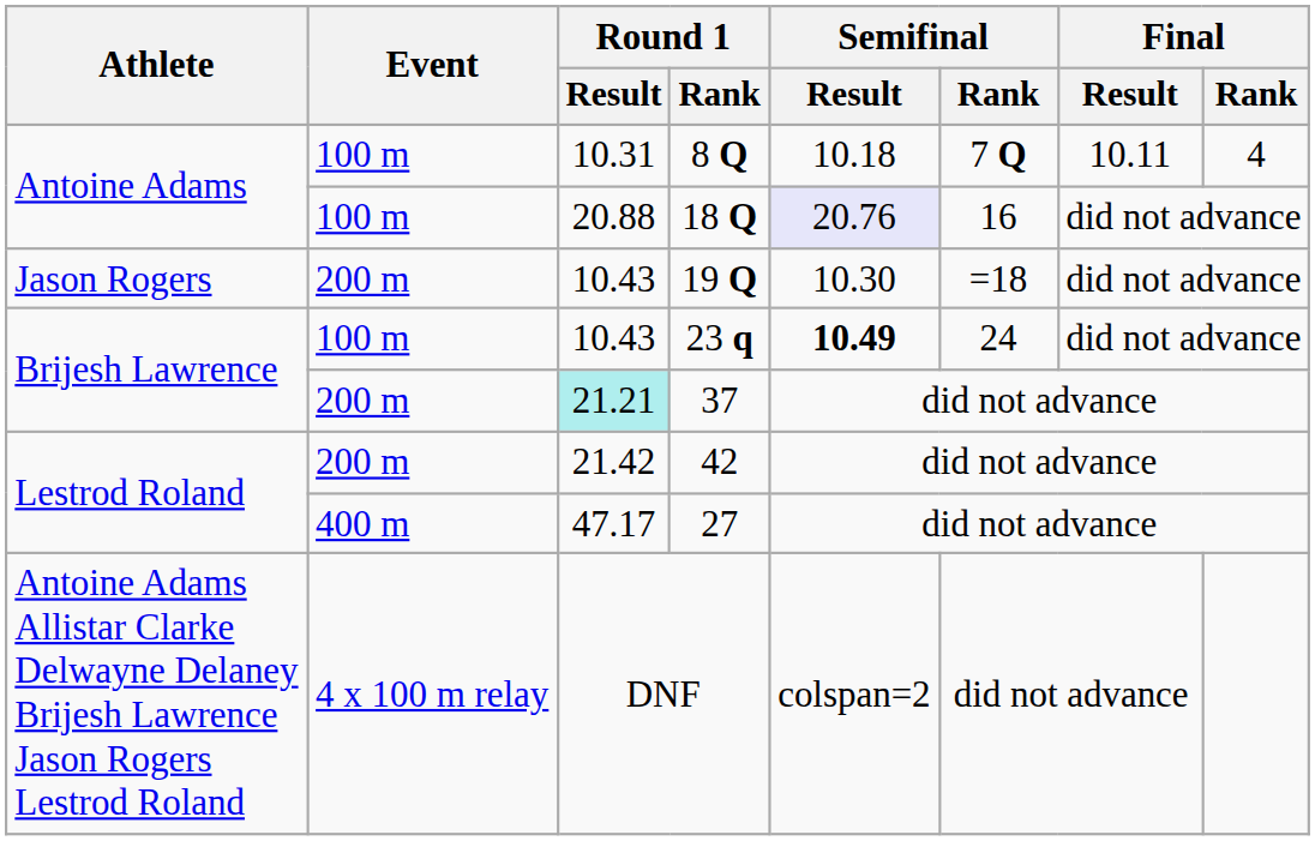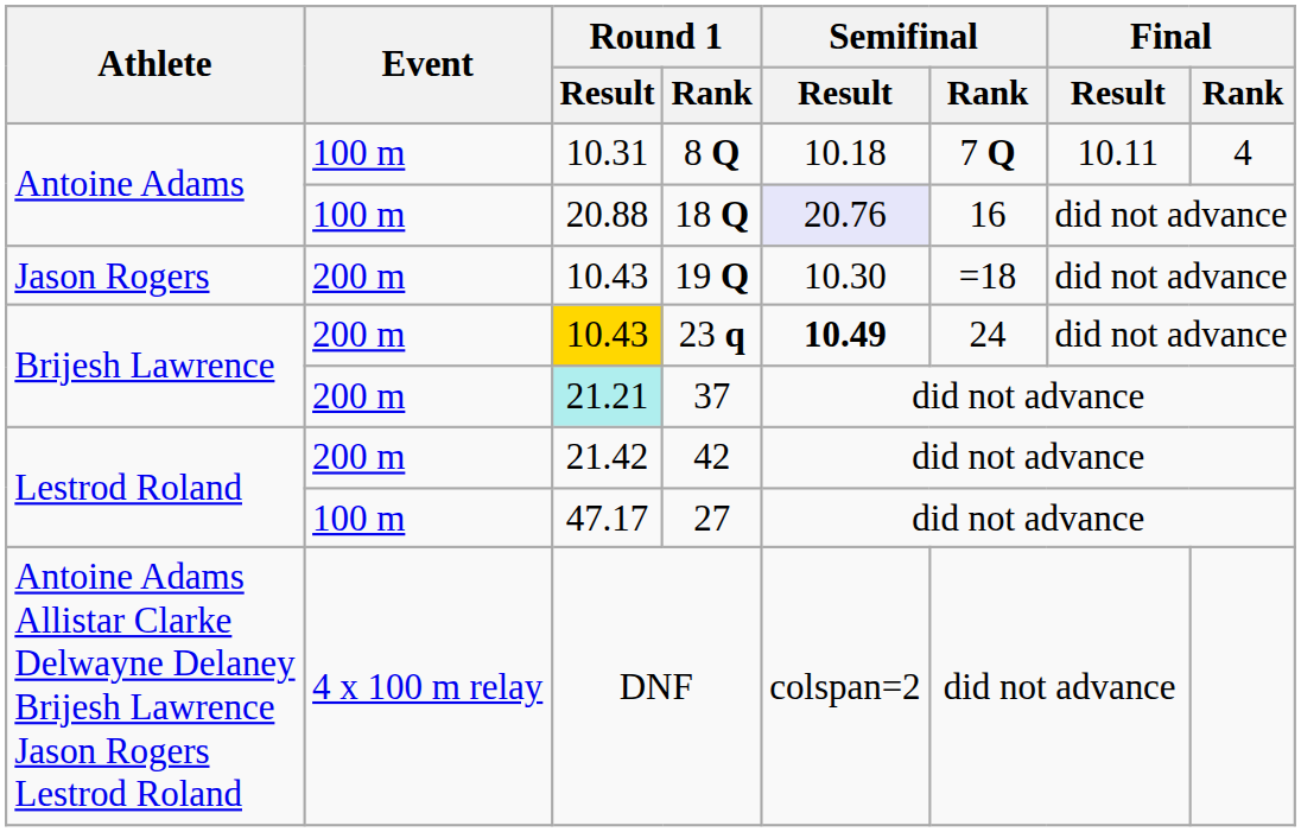 <table class=wikitable style="font-size:90%">
 <tr>
 <th rowspan="2">Athlete</th>
 <th rowspan="2">Event</th>
 <th colspan="2">Round 1</th>
 <th colspan="2">Semifinal</th>
 <th colspan="2">Final</th>
 </tr>
 <tr style="font-size:95%">
 <th>Result</th>
 <th>Rank</th>
 <th>Result</th>
 <th>Rank</th>
 <th>Result</th>
 <th>Rank</th>
 </tr>
 <tr align=center>
 <td align=left rowspan="2"><a href='#'>Antoine Adams</a></td>
 <td align=left><a href='#'>100 m</a></td>
 <td>10.31</td>
 <td>8 <strong>Q</strong></td>
 <td>10.18</td>
 <td>7 <strong>Q</strong></td>
 <td>10.11</td>
 <td>4</td>
 </tr>
 <tr align=center>
 <td align=left><a href='#'>100 m</a></td>
 <td>20.88</td>
 <td>18 <strong>Q</strong></td>
 <td style="background: lavender;">20.76</td>
 <td>16</td>
 <td colspan=2>did not advance</td>
 </tr>
 <tr align=center>
 <td align=left><a href='#'>Jason Rogers</a></td>
 <td align=left><a href='#'>200 m</a></td>
 <td>10.43</td>
 <td>19 <strong>Q</strong></td>
 <td>10.30</td>
 <td>=18</td>
 <td colspan=2>did not advance</td>
 </tr>
 <tr align=center>
 <td align=left rowspan=2><a href='#'>Brijesh Lawrence</a></td>
-<td align=left><a href='#'>100 m</a></td>
-<td>10.43</td>
+<td align=left><a href='#'>200 m</a></td>
+<td style="background: gold;">10.43</td>
 <td>23 <strong>q</strong></td>
 <td><strong>10.49</strong></td>
 <td>24</td>
 <td colspan=2>did not advance</td>
 </tr>
 <tr align=center>
 <td align=left><a href='#'>200 m</a></td>
 <td style="background: paleturquoise;">21.21</td>
 <td>37</td>
 <td colspan=4>did not advance</td>
 </tr>
 <tr align=center>
 <td align=left rowspan=2><a href='#'>Lestrod Roland</a></td>
 <td align=left><a href='#'>200 m</a></td>
 <td>21.42</td>
 <td>42</td>
 <td colspan=4>did not advance</td>
 </tr>
 <tr align=center>
-<td align=left><a href='#'>400 m</a></td>
+<td align=left><a href='#'>100 m</a></td>
 <td>47.17</td>
 <td>27</td>
 <td colspan=4>did not advance</td>
 </tr>
 <tr align=center>
 <td align=left><a href='#'>Antoine Adams</a><br><a href='#'>Allistar Clarke</a><br><a href='#'>Delwayne Delaney</a><br><a href='#'>Brijesh Lawrence</a><br><a href='#'>Jason Rogers</a><br><a href='#'>Lestrod Roland</a></td>
 <td align=left><a href='#'>4 x 100 m relay</a></td>
 <td colspan=2>DNF</td>
 <td>colspan=2 </td>
 <td colspan=2>did not advance</td>
 </tr>
 </table>
